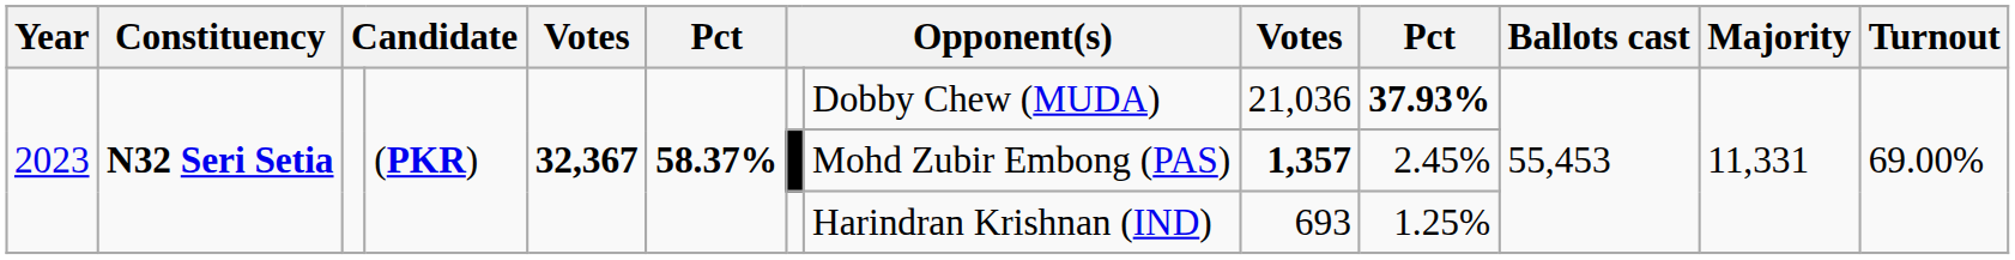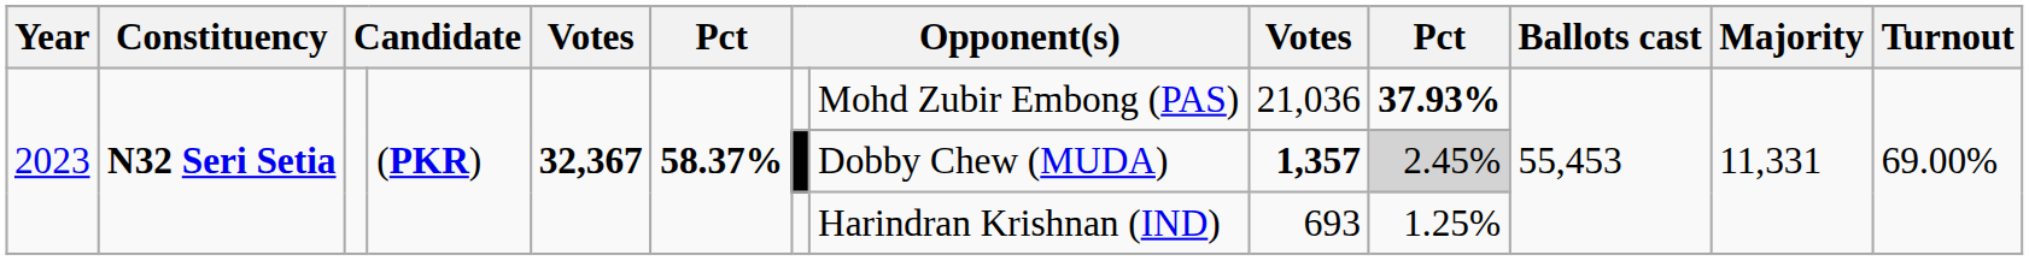 <table class="wikitable" style="margin:0.5em ; font-size:95%">
 <tr>
 <th>Year</th>
 <th>Constituency</th>
 <th colspan="2">Candidate</th>
 <th>Votes</th>
 <th>Pct</th>
 <th colspan="2">Opponent(s)</th>
 <th>Votes</th>
 <th>Pct</th>
 <th>Ballots cast</th>
 <th>Majority</th>
 <th>Turnout</th>
 </tr>
 <tr>
 <td rowspan=3><a href='#'>2023</a></td>
 <td rowspan=3><strong>N32 <a href='#'>Seri Setia</a></strong></td>
 <td rowspan=3 ></td>
 <td rowspan=3> (<a href='#'><strong>PKR</strong></a>)</td>
 <td rowspan=3 align=right><strong>32,367</strong></td>
 <td rowspan=3><strong>58.37%</strong></td>
 <td bgcolor=></td>
-<td>Dobby Chew (<a href='#'>MUDA</a>)</td>
+<td>Mohd Zubir Embong (<a href='#'>PAS</a>)</td>
 <td align=right>21,036</td>
 <td><strong>37.93%</strong></td>
 <td rowspan=3>55,453</td>
 <td rowspan=3>11,331</td>
 <td rowspan=3>69.00%</td>
 </tr>
 <tr>
 <td bgcolor="black"></td>
-<td>Mohd Zubir Embong (<a href='#'>PAS</a>)</td>
+<td>Dobby Chew (<a href='#'>MUDA</a>)</td>
 <td align=right><strong>1,357</strong></td>
-<td align=right>2.45%</td>
+<td align=right style="background: lightgrey;">2.45%</td>
 </tr>
 <tr>
 <td></td>
 <td>Harindran Krishnan (<a href='#'>IND</a>)</td>
 <td align=right>693</td>
 <td align=right>1.25%</td>
 </tr>
 </table>
